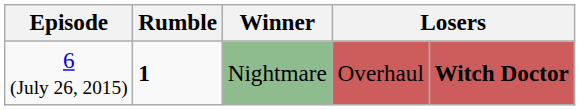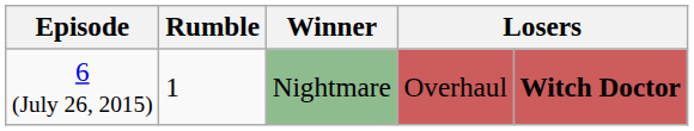 <table class="wikitable">
 <tr>
 <th>Episode</th>
 <th>Rumble</th>
 <th>Winner</th>
 <th colspan="2">Losers</th>
 </tr>
 <tr>
 <td style="text-align:center;" rowspan="1"><a href='#'>6</a><br><small>(July 26, 2015)</small></td>
-<td><strong>1</strong></td>
+<td>1</td>
 <td style="background:DarkSeaGreen;">Nightmare</td>
 <td style="background:IndianRed;">Overhaul</td>
 <td style="background:IndianRed;"><strong>Witch Doctor</strong></td>
 </tr>
 </table>
